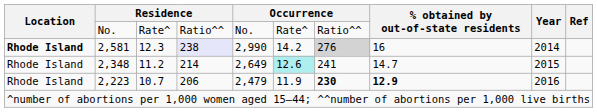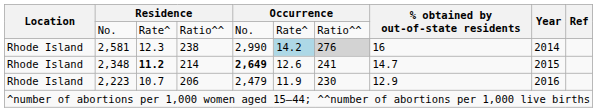 <table class="wikitable">
 <tr>
 <th rowspan="2">Location</th>
 <th colspan="3">Residence</th>
 <th colspan="3">Occurrence</th>
 <th rowspan="2">% obtained by<br>out-of-state residents</th>
 <th rowspan="2">Year</th>
 <th rowspan="2">Ref</th>
 </tr>
 <tr>
 <td>No.</td>
 <td>Rate^</td>
 <td>Ratio^^</td>
 <td>No.</td>
 <td>Rate^</td>
 <td>Ratio^^</td>
 </tr>
 <tr>
-<td><strong>Rhode Island</strong></td>
+<td>Rhode Island</td>
 <td>2,581</td>
 <td>12.3</td>
-<td style="background: lavender;">238</td>
+<td>238</td>
 <td>2,990</td>
-<td>14.2</td>
+<td style="background: lightblue;">14.2</td>
 <td style="background: lightgrey;">276</td>
 <td>16</td>
 <td>2014</td>
 <td></td>
 </tr>
 <tr>
 <td>Rhode Island</td>
 <td>2,348</td>
-<td>11.2</td>
+<td><strong>11.2</strong></td>
 <td>214</td>
-<td>2,649</td>
-<td style="background: paleturquoise;">12.6</td>
+<td><strong>2,649</strong></td>
+<td>12.6</td>
 <td>241</td>
 <td>14.7</td>
 <td>2015</td>
 <td></td>
 </tr>
 <tr>
 <td>Rhode Island</td>
 <td>2,223</td>
 <td>10.7</td>
 <td>206</td>
 <td>2,479</td>
 <td>11.9</td>
-<td><strong>230</strong></td>
-<td><strong>12.9</strong></td>
+<td>230</td>
+<td>12.9</td>
 <td>2016</td>
 <td></td>
 </tr>
 <tr>
 <td colspan="10">^number of abortions per 1,000 women aged 15–44; ^^number of abortions per 1,000 live births</td>
 </tr>
 </table>
